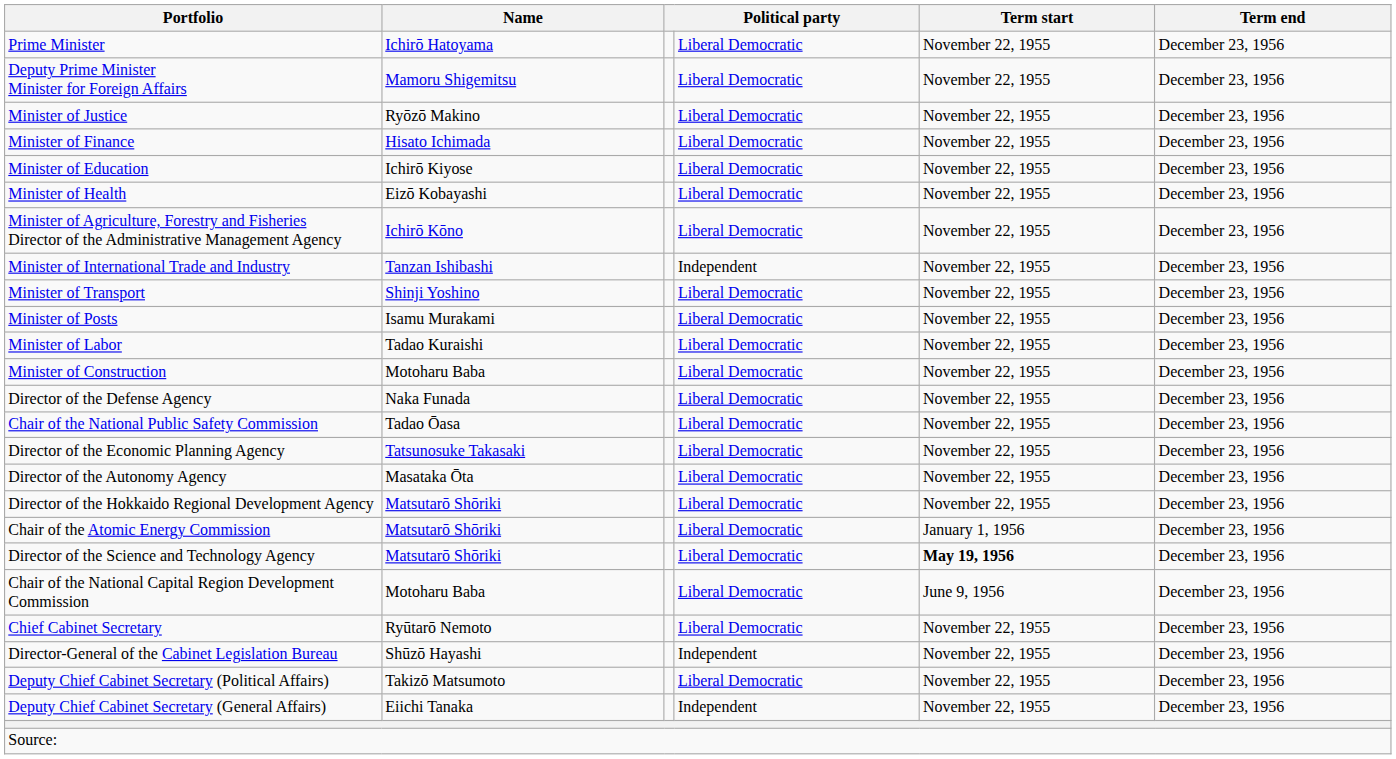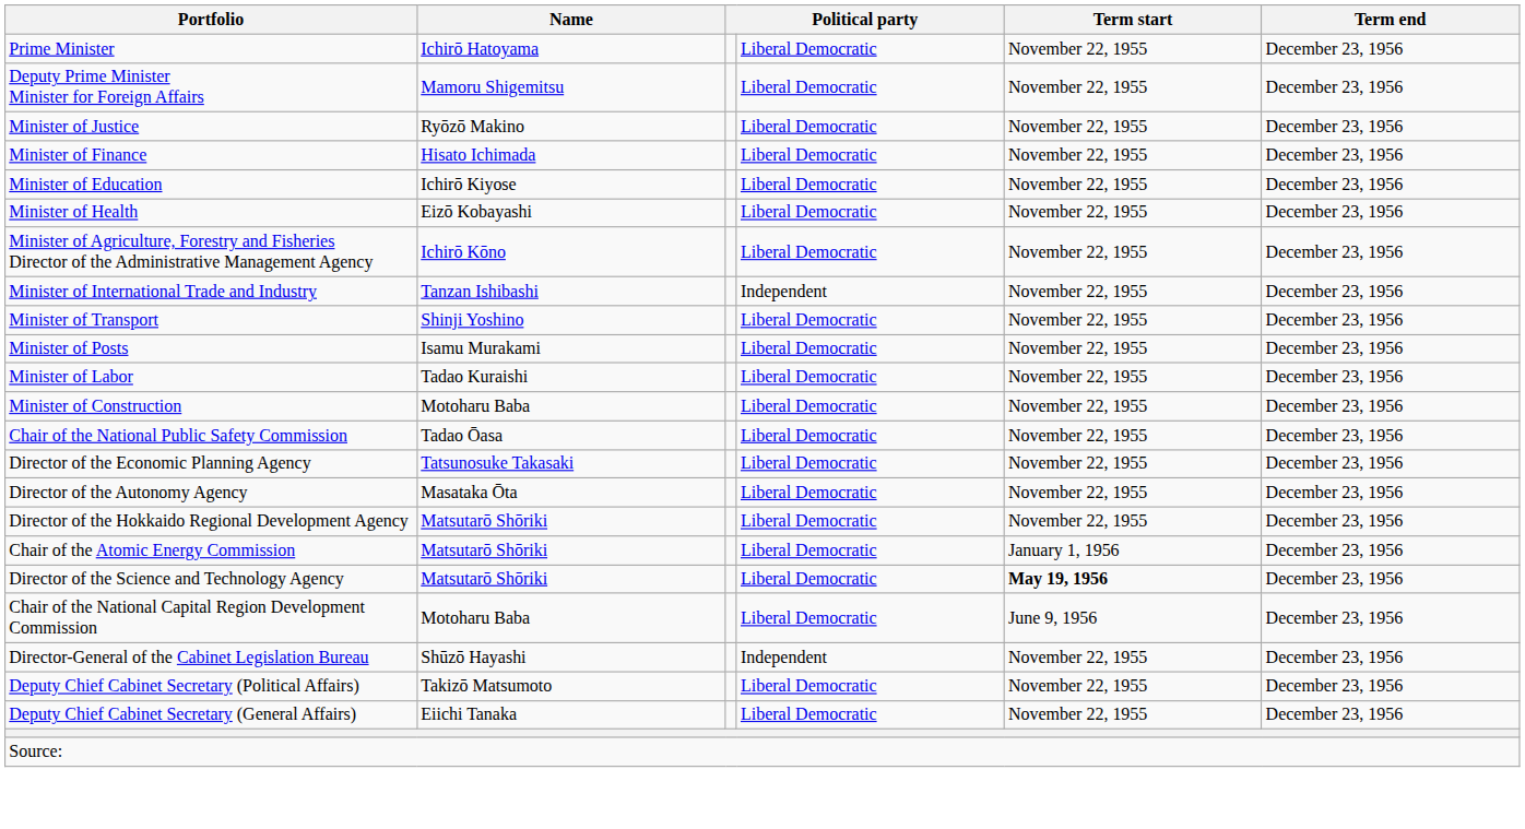 <table class="wikitable unsortable" style="font-size: 90%;">
 <tr>
 <th scope="col" width="20%">Portfolio</th>
 <th scope="col" width="15%">Name</th>
 <th colspan="2" scope="col" width="13.5%">Political party</th>
 <th scope="col" width="12.5%">Term start</th>
 <th scope="col" width="12.5%">Term end</th>
 </tr>
 <tr>
 <td style="text-align: left;"><a href='#'>Prime Minister</a></td>
 <td><a href='#'>Ichirō Hatoyama</a></td>
 <td width="0.5%" style="background:"></td>
 <td><a href='#'>Liberal Democratic</a></td>
 <td>November 22, 1955</td>
 <td>December 23, 1956</td>
 </tr>
 <tr>
 <td><a href='#'>Deputy Prime Minister</a><br><a href='#'>Minister for Foreign Affairs</a></td>
 <td><a href='#'>Mamoru Shigemitsu</a></td>
 <td style="color:inherit;background:"></td>
 <td><a href='#'>Liberal Democratic</a></td>
 <td>November 22, 1955</td>
 <td>December 23, 1956</td>
 </tr>
 <tr>
 <td><a href='#'>Minister of Justice</a></td>
 <td>Ryōzō Makino</td>
 <td style="color:inherit;background:"></td>
 <td><a href='#'>Liberal Democratic</a></td>
 <td>November 22, 1955</td>
 <td>December 23, 1956</td>
 </tr>
 <tr>
 <td><a href='#'>Minister of Finance</a></td>
 <td><a href='#'>Hisato Ichimada</a></td>
 <td style="color:inherit;background:"></td>
 <td><a href='#'>Liberal Democratic</a></td>
 <td>November 22, 1955</td>
 <td>December 23, 1956</td>
 </tr>
 <tr>
 <td><a href='#'>Minister of Education</a></td>
 <td>Ichirō Kiyose</td>
 <td style="color:inherit;background:"></td>
 <td><a href='#'>Liberal Democratic</a></td>
 <td>November 22, 1955</td>
 <td>December 23, 1956</td>
 </tr>
 <tr>
 <td><a href='#'>Minister of Health</a></td>
 <td>Eizō Kobayashi</td>
 <td style="color:inherit;background:"></td>
 <td><a href='#'>Liberal Democratic</a></td>
 <td>November 22, 1955</td>
 <td>December 23, 1956</td>
 </tr>
 <tr>
 <td><a href='#'>Minister of Agriculture, Forestry and Fisheries</a><br>Director of the Administrative Management Agency</td>
 <td><a href='#'>Ichirō Kōno</a></td>
 <td style="color:inherit;background:"></td>
 <td><a href='#'>Liberal Democratic</a></td>
 <td>November 22, 1955</td>
 <td>December 23, 1956</td>
 </tr>
 <tr>
 <td><a href='#'>Minister of International Trade and Industry</a></td>
 <td><a href='#'>Tanzan Ishibashi</a></td>
 <td style="color:inherit;background:"></td>
 <td>Independent</td>
 <td>November 22, 1955</td>
 <td>December 23, 1956</td>
 </tr>
 <tr>
 <td><a href='#'>Minister of Transport</a></td>
 <td><a href='#'>Shinji Yoshino</a></td>
 <td style="color:inherit;background:"></td>
 <td><a href='#'>Liberal Democratic</a></td>
 <td>November 22, 1955</td>
 <td>December 23, 1956</td>
 </tr>
 <tr>
 <td><a href='#'>Minister of Posts</a></td>
 <td>Isamu Murakami</td>
 <td style="color:inherit;background:"></td>
 <td><a href='#'>Liberal Democratic</a></td>
 <td>November 22, 1955</td>
 <td>December 23, 1956</td>
 </tr>
 <tr>
 <td><a href='#'>Minister of Labor</a></td>
 <td>Tadao Kuraishi</td>
 <td style="color:inherit;background:"></td>
 <td><a href='#'>Liberal Democratic</a></td>
 <td>November 22, 1955</td>
 <td>December 23, 1956</td>
 </tr>
 <tr>
 <td><a href='#'>Minister of Construction</a></td>
 <td>Motoharu Baba</td>
 <td style="color:inherit;background:"></td>
 <td><a href='#'>Liberal Democratic</a></td>
 <td>November 22, 1955</td>
 <td>December 23, 1956</td>
 </tr>
 <tr>
-<td>Director of the Defense Agency</td>
-<td>Naka Funada</td>
-<td style="color:inherit;background:"></td>
-<td><a href='#'>Liberal Democratic</a></td>
-<td>November 22, 1955</td>
-<td>December 23, 1956</td>
-</tr>
-<tr>
 <td><a href='#'>Chair of the National Public Safety Commission</a></td>
 <td>Tadao Ōasa</td>
 <td style="color:inherit;background:"></td>
 <td><a href='#'>Liberal Democratic</a></td>
 <td>November 22, 1955</td>
 <td>December 23, 1956</td>
 </tr>
 <tr>
 <td>Director of the Economic Planning Agency</td>
 <td><a href='#'>Tatsunosuke Takasaki</a></td>
 <td style="color:inherit;background:"></td>
 <td><a href='#'>Liberal Democratic</a></td>
 <td>November 22, 1955</td>
 <td>December 23, 1956</td>
 </tr>
 <tr>
 <td>Director of the Autonomy Agency</td>
 <td>Masataka Ōta</td>
 <td style="color:inherit;background:"></td>
 <td><a href='#'>Liberal Democratic</a></td>
 <td>November 22, 1955</td>
 <td>December 23, 1956</td>
 </tr>
 <tr>
 <td>Director of the Hokkaido Regional Development Agency</td>
 <td><a href='#'>Matsutarō Shōriki</a></td>
 <td style="color:inherit;background:"></td>
 <td><a href='#'>Liberal Democratic</a></td>
 <td>November 22, 1955</td>
 <td>December 23, 1956</td>
 </tr>
 <tr>
 <td>Chair of the <a href='#'>Atomic Energy Commission</a></td>
 <td><a href='#'>Matsutarō Shōriki</a></td>
 <td style="color:inherit;background:"></td>
 <td><a href='#'>Liberal Democratic</a></td>
 <td>January 1, 1956</td>
 <td>December 23, 1956</td>
 </tr>
 <tr>
 <td>Director of the Science and Technology Agency</td>
 <td><a href='#'>Matsutarō Shōriki</a></td>
 <td style="color:inherit;background:"></td>
 <td><a href='#'>Liberal Democratic</a></td>
 <td><strong>May 19, 1956</strong></td>
 <td>December 23, 1956</td>
 </tr>
 <tr>
 <td>Chair of the National Capital Region Development Commission</td>
 <td>Motoharu Baba</td>
 <td style="color:inherit;background:"></td>
 <td><a href='#'>Liberal Democratic</a></td>
 <td>June 9, 1956</td>
 <td>December 23, 1956</td>
 </tr>
 <tr>
-<td><a href='#'>Chief Cabinet Secretary</a></td>
-<td>Ryūtarō Nemoto</td>
-<td style="color:inherit;background:"></td>
-<td><a href='#'>Liberal Democratic</a></td>
-<td>November 22, 1955</td>
-<td>December 23, 1956</td>
-</tr>
-<tr>
 <td>Director-General of the <a href='#'>Cabinet Legislation Bureau</a></td>
 <td>Shūzō Hayashi</td>
 <td style="color:inherit;background:"></td>
 <td>Independent</td>
 <td>November 22, 1955</td>
 <td>December 23, 1956</td>
 </tr>
 <tr>
 <td><a href='#'>Deputy Chief Cabinet Secretary</a> (Political Affairs)</td>
 <td>Takizō Matsumoto</td>
 <td style="color:inherit;background:"></td>
 <td><a href='#'>Liberal Democratic</a></td>
 <td>November 22, 1955</td>
 <td>December 23, 1956</td>
 </tr>
 <tr>
 <td><a href='#'>Deputy Chief Cabinet Secretary</a> (General Affairs)</td>
 <td>Eiichi Tanaka</td>
 <td style="color:inherit;background:"></td>
-<td>Independent</td>
+<td><a href='#'>Liberal Democratic</a></td>
 <td>November 22, 1955</td>
 <td>December 23, 1956</td>
 </tr>
 <tr>
 <th colspan="6"></th>
 </tr>
 <tr>
 <td colspan="6">Source:</td>
 </tr>
 </table>
